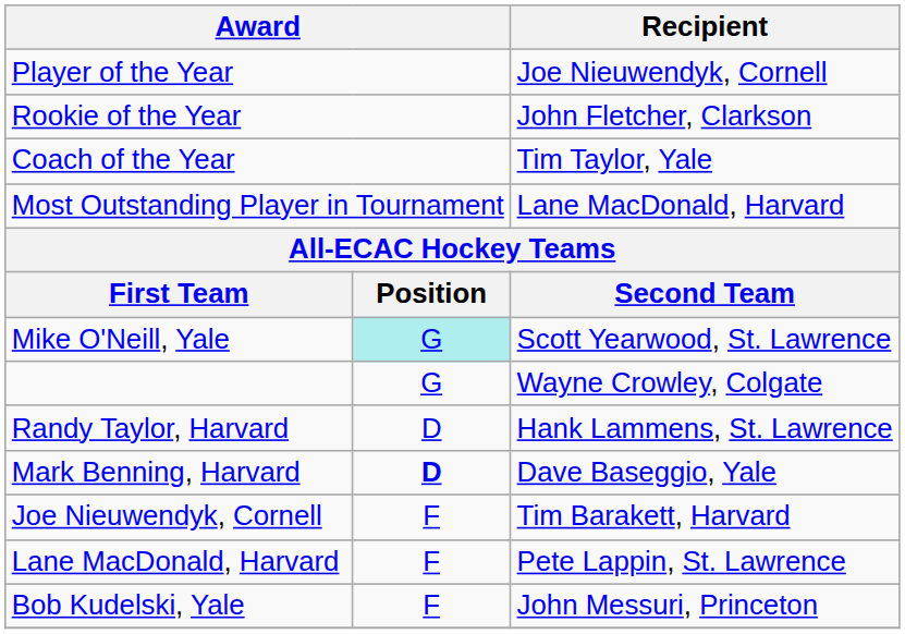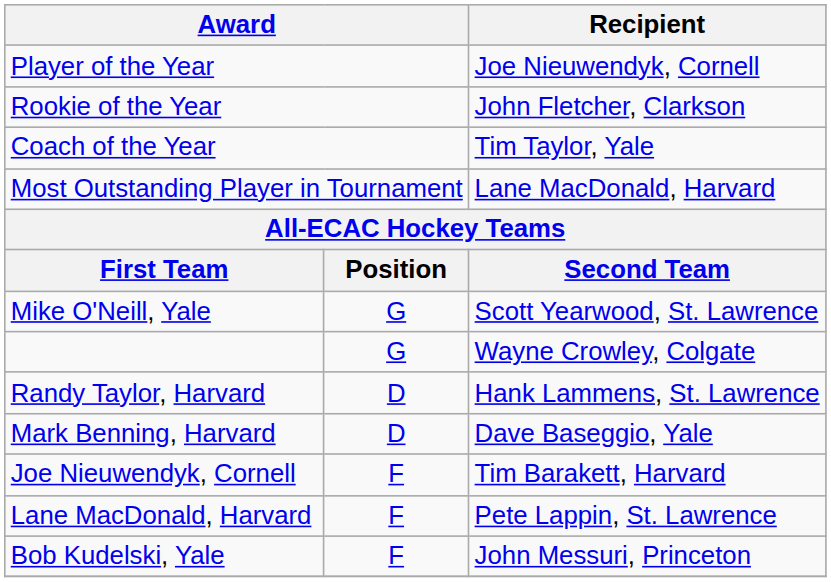 <table class="wikitable">
 <tr>
 <th colspan=2><a href='#'>Award</a></th>
 <th>Recipient</th>
 </tr>
 <tr>
 <td colspan=2><a href='#'>Player of the Year</a></td>
 <td><a href='#'>Joe Nieuwendyk</a>, <a href='#'>Cornell</a></td>
 </tr>
 <tr>
 <td colspan=2><a href='#'>Rookie of the Year</a></td>
 <td><a href='#'>John Fletcher</a>, <a href='#'>Clarkson</a></td>
 </tr>
 <tr>
 <td colspan=2><a href='#'>Coach of the Year</a></td>
 <td><a href='#'>Tim Taylor</a>, <a href='#'>Yale</a></td>
 </tr>
 <tr>
 <td colspan=2><a href='#'>Most Outstanding Player in Tournament</a></td>
 <td><a href='#'>Lane MacDonald</a>, <a href='#'>Harvard</a></td>
 </tr>
 <tr>
 <th colspan=3><a href='#'>All-ECAC Hockey Teams</a></th>
 </tr>
 <tr>
 <th><a href='#'>First Team</a></th>
 <th>  Position  </th>
 <th><a href='#'>Second Team</a></th>
 </tr>
 <tr>
 <td><a href='#'>Mike O'Neill</a>, <a href='#'>Yale</a></td>
-<td align=center style="background: paleturquoise;"><a href='#'>G</a></td>
+<td align=center><a href='#'>G</a></td>
 <td><a href='#'>Scott Yearwood</a>, <a href='#'>St. Lawrence</a></td>
 </tr>
 <tr>
 <td></td>
 <td align=center><a href='#'>G</a></td>
 <td><a href='#'>Wayne Crowley</a>, <a href='#'>Colgate</a></td>
 </tr>
 <tr>
 <td><a href='#'>Randy Taylor</a>, <a href='#'>Harvard</a></td>
 <td align=center><a href='#'>D</a></td>
 <td><a href='#'>Hank Lammens</a>, <a href='#'>St. Lawrence</a></td>
 </tr>
 <tr>
 <td><a href='#'>Mark Benning</a>, <a href='#'>Harvard</a></td>
-<td align=center><strong><a href='#'>D</a></strong></td>
+<td align=center><a href='#'>D</a></td>
 <td><a href='#'>Dave Baseggio</a>, <a href='#'>Yale</a></td>
 </tr>
 <tr>
 <td><a href='#'>Joe Nieuwendyk</a>, <a href='#'>Cornell</a></td>
 <td align=center><a href='#'>F</a></td>
 <td><a href='#'>Tim Barakett</a>, <a href='#'>Harvard</a></td>
 </tr>
 <tr>
 <td><a href='#'>Lane MacDonald</a>, <a href='#'>Harvard</a></td>
 <td align=center><a href='#'>F</a></td>
 <td><a href='#'>Pete Lappin</a>, <a href='#'>St. Lawrence</a></td>
 </tr>
 <tr>
 <td><a href='#'>Bob Kudelski</a>, <a href='#'>Yale</a></td>
 <td align=center><a href='#'>F</a></td>
 <td><a href='#'>John Messuri</a>, <a href='#'>Princeton</a></td>
 </tr>
 <tr>
 </tr>
 </table>
